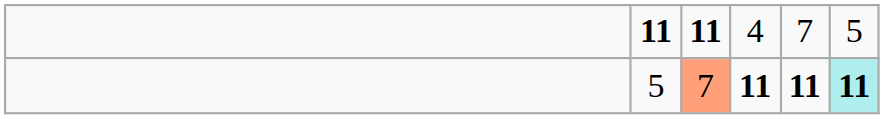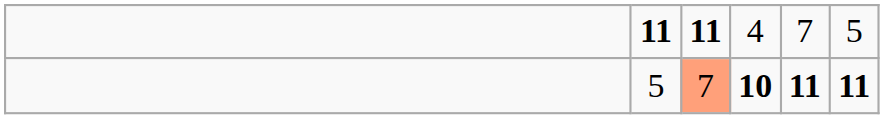 <table class="wikitable">
 <tr>
 <td style="width:18em"></td>
 <td align=center style="width:1em"><strong>11</strong></td>
 <td align=center style="width:1em"><strong>11</strong></td>
 <td align=center style="width:1em">4</td>
 <td align=center style="width:1em">7</td>
 <td align=center style="width:1em">5</td>
 </tr>
 <tr>
 <td style="width:18em"><strong></strong></td>
 <td align=center style="width:1em">5</td>
 <td align=center style="background: lightsalmon; width:1em">7</td>
+<td align=center style="width:1em"><strong>10</strong></td>
 <td align=center style="width:1em"><strong>11</strong></td>
 <td align=center style="width:1em"><strong>11</strong></td>
-<td align=center style="background: paleturquoise; width:1em"><strong>11</strong></td>
 </tr>
 </table>
